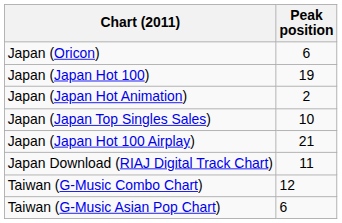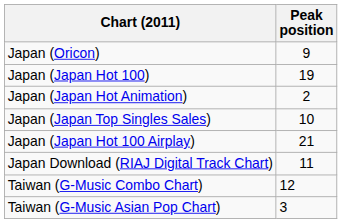 <table class="wikitable sortable plainrowheaders">
 <tr>
 <th scope="col">Chart (2011)</th>
 <th scope="col">Peak<br>position</th>
 </tr>
 <tr>
 <td>Japan (<a href='#'>Oricon</a>)</td>
-<td style="text-align:center;">6</td>
+<td style="text-align:center;">9</td>
 </tr>
 <tr>
 <td>Japan (<a href='#'>Japan Hot 100</a>)</td>
 <td style="text-align:center;">19</td>
 </tr>
 <tr>
 <td>Japan (<a href='#'>Japan Hot Animation</a>)</td>
 <td style="text-align:center;">2</td>
 </tr>
 <tr>
 <td>Japan (<a href='#'>Japan Top Singles Sales</a>)</td>
 <td style="text-align:center;">10</td>
 </tr>
 <tr>
 <td>Japan (<a href='#'>Japan Hot 100 Airplay</a>)</td>
 <td style="text-align:center;">21</td>
 </tr>
 <tr>
 <td>Japan Download (<a href='#'>RIAJ Digital Track Chart</a>)</td>
 <td style="text-align:center;">11</td>
 </tr>
 <tr>
 <td>Taiwan (<a href='#'>G-Music Combo Chart</a>)</td>
 <td style="text-align=:center;">12</td>
 </tr>
 <tr>
 <td>Taiwan (<a href='#'>G-Music Asian Pop Chart</a>)</td>
-<td style="text-align=:center;">6</td>
+<td style="text-align=:center;">3</td>
 </tr>
 </table>
